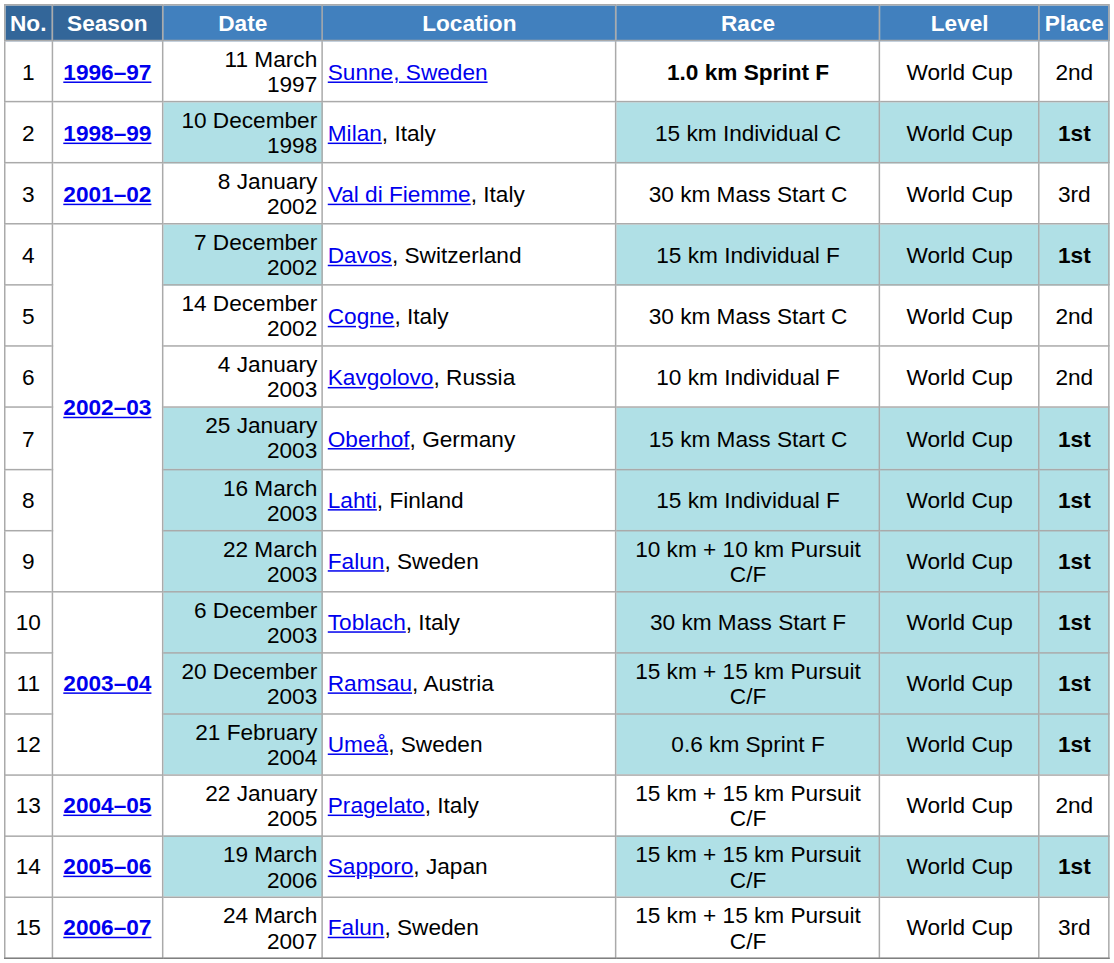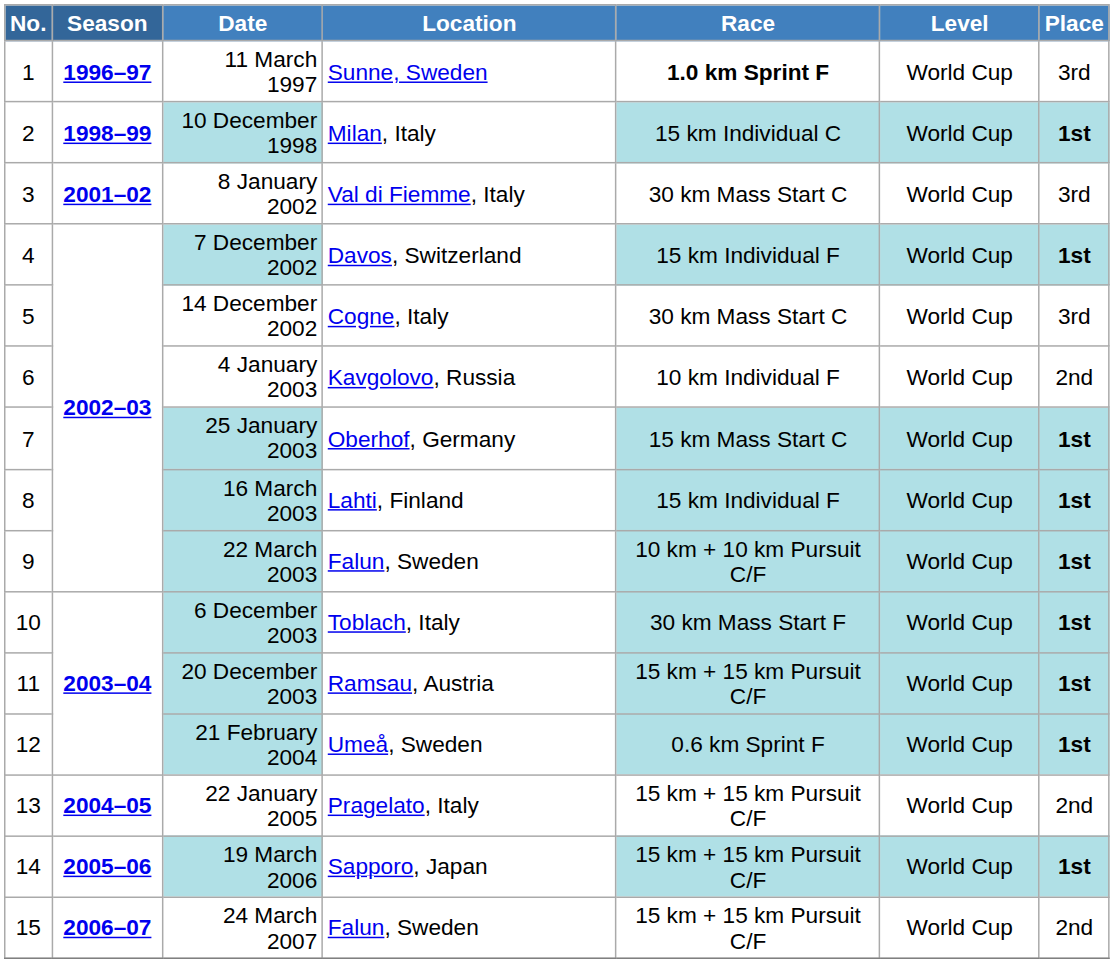 <table class="wikitable sortable" style="font-size:95%; text-align:center; border:grey solid 1px; border-collapse:collapse; background:#ffffff;">
 <tr style="background:#efefef;">
 <th style="background-color:#369; color:white;">No.</th>
 <th style="background-color:#369; color:white;">Season</th>
 <th style="background-color:#4180be; color:white; width:100px;">Date</th>
 <th style="background-color:#4180be; color:white; width:190px;">Location</th>
 <th style="background-color:#4180be; color:white; width:170px;">Race</th>
 <th style="background-color:#4180be; color:white; width:100px;">Level</th>
 <th style="background-color:#4180be; color:white;">Place</th>
 </tr>
 <tr>
 <td align=center>1</td>
 <td rowspan=1 align=center><strong> <a href='#'>1996–97</a> </strong></td>
 <td align=right>11 March 1997</td>
 <td align=left> <a href='#'>Sunne, Sweden</a></td>
 <td><strong>1.0 km Sprint F</strong></td>
 <td>World Cup</td>
-<td>2nd</td>
+<td>3rd</td>
 </tr>
 <tr>
 <td align=center>2</td>
 <td rowspan=1 align=center><strong><a href='#'>1998–99</a></strong></td>
 <td bgcolor="#BOEOE6" align=right>10 December 1998</td>
 <td align=left> <a href='#'>Milan</a>, Italy</td>
 <td bgcolor="#BOEOE6" align=center>15 km Individual C</td>
 <td bgcolor="#BOEOE6">World Cup</td>
 <td bgcolor="#BOEOE6"><strong>1st</strong></td>
 </tr>
 <tr>
 <td align=center>3</td>
 <td rowspan=1 align=center><strong> <a href='#'>2001–02</a> </strong></td>
 <td align=right>8 January 2002</td>
 <td align=left> <a href='#'>Val di Fiemme</a>, Italy</td>
 <td>30 km Mass Start C</td>
 <td>World Cup</td>
 <td>3rd</td>
 </tr>
 <tr>
 <td align=center>4</td>
 <td rowspan=6 align=center><strong><a href='#'>2002–03</a></strong></td>
 <td bgcolor="#BOEOE6" align=right>7 December 2002</td>
 <td align=left> <a href='#'>Davos</a>, Switzerland</td>
 <td bgcolor="#BOEOE6">15 km Individual F</td>
 <td bgcolor="#BOEOE6">World Cup</td>
 <td bgcolor="#BOEOE6"><strong>1st</strong></td>
 </tr>
 <tr>
 <td align=center>5</td>
 <td align=right>14 December 2002</td>
 <td align=left> <a href='#'>Cogne</a>, Italy</td>
 <td>30 km Mass Start C</td>
 <td>World Cup</td>
-<td>2nd</td>
+<td>3rd</td>
 </tr>
 <tr>
 <td align=center>6</td>
 <td align=right>4 January 2003</td>
 <td align=left> <a href='#'>Kavgolovo</a>, Russia</td>
 <td>10 km Individual F</td>
 <td>World Cup</td>
 <td>2nd</td>
 </tr>
 <tr>
 <td align=center>7</td>
 <td bgcolor="#BOEOE6" align=right>25 January 2003</td>
 <td align=left> <a href='#'>Oberhof</a>, Germany</td>
 <td bgcolor="#BOEOE6" align=center>15 km Mass Start C</td>
 <td bgcolor="#BOEOE6">World Cup</td>
 <td bgcolor="#BOEOE6"><strong>1st</strong></td>
 </tr>
 <tr>
 <td align=center>8</td>
 <td bgcolor="#BOEOE6" align=right>16 March 2003</td>
 <td align=left> <a href='#'>Lahti</a>, Finland</td>
 <td bgcolor="#BOEOE6" align=center>15 km Individual F</td>
 <td bgcolor="#BOEOE6">World Cup</td>
 <td bgcolor="#BOEOE6"><strong>1st</strong></td>
 </tr>
 <tr>
 <td align=center>9</td>
 <td bgcolor="#BOEOE6" align=right>22 March 2003</td>
 <td align=left> <a href='#'>Falun</a>, Sweden</td>
 <td bgcolor="#BOEOE6" align=center>10 km + 10 km Pursuit C/F</td>
 <td bgcolor="#BOEOE6">World Cup</td>
 <td bgcolor="#BOEOE6"><strong>1st</strong></td>
 </tr>
 <tr>
 <td align=center>10</td>
 <td rowspan=3 align=center><strong><a href='#'>2003–04</a></strong></td>
 <td bgcolor="#BOEOE6" align=right>6 December 2003</td>
 <td align=left> <a href='#'>Toblach</a>, Italy</td>
 <td bgcolor="#BOEOE6">30 km Mass Start F</td>
 <td bgcolor="#BOEOE6">World Cup</td>
 <td bgcolor="#BOEOE6"><strong>1st</strong></td>
 </tr>
 <tr>
 <td align=center>11</td>
 <td bgcolor="#BOEOE6" align=right>20 December 2003</td>
 <td align=left> <a href='#'>Ramsau</a>, Austria</td>
 <td bgcolor="#BOEOE6" align=center>15 km + 15 km Pursuit C/F</td>
 <td bgcolor="#BOEOE6">World Cup</td>
 <td bgcolor="#BOEOE6"><strong>1st</strong></td>
 </tr>
 <tr>
 <td align=center>12</td>
 <td bgcolor="#BOEOE6" align=right>21 February 2004</td>
 <td align=left> <a href='#'>Umeå</a>, Sweden</td>
 <td bgcolor="#BOEOE6">0.6 km Sprint F</td>
 <td bgcolor="#BOEOE6">World Cup</td>
 <td bgcolor="#BOEOE6"><strong>1st</strong></td>
 </tr>
 <tr>
 <td align=center>13</td>
 <td rowspan=1 align=center><strong> <a href='#'>2004–05</a> </strong></td>
 <td align=right>22 January 2005</td>
 <td align=left> <a href='#'>Pragelato</a>, Italy</td>
 <td>15 km + 15 km Pursuit C/F</td>
 <td>World Cup</td>
 <td>2nd</td>
 </tr>
 <tr>
 <td align=center>14</td>
 <td rowspan=1 align=center><strong><a href='#'>2005–06</a></strong></td>
 <td bgcolor="#BOEOE6" align=right>19 March 2006</td>
 <td align=left> <a href='#'>Sapporo</a>, Japan</td>
 <td bgcolor="#BOEOE6">15 km + 15 km Pursuit C/F</td>
 <td bgcolor="#BOEOE6">World Cup</td>
 <td bgcolor="#BOEOE6"><strong>1st</strong></td>
 </tr>
 <tr>
 <td align=center>15</td>
 <td rowspan=1 align=center><strong> <a href='#'>2006–07</a> </strong></td>
 <td align=right>24 March 2007</td>
 <td align=left> <a href='#'>Falun</a>, Sweden</td>
 <td>15 km + 15 km Pursuit C/F</td>
 <td>World Cup</td>
-<td>3rd</td>
+<td>2nd</td>
 </tr>
 <tr>
 </tr>
 </table>
